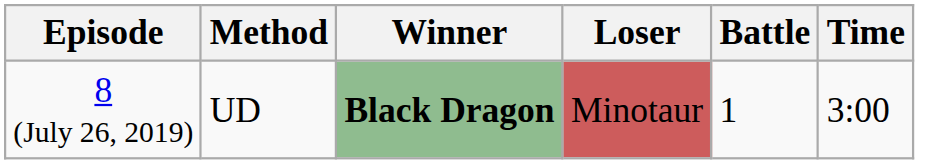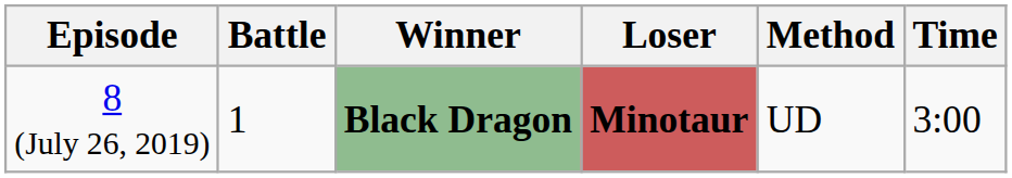 <table class="wikitable">
 <tr>
 <th>Episode</th>
-<th>Method</th>
+<th>Battle</th>
 <th>Winner</th>
 <th>Loser</th>
-<th>Battle</th>
+<th>Method</th>
 <th>Time</th>
 </tr>
 <tr>
 <td style="text-align:center;" rowspan="1"><a href='#'>8</a><br><small>(July 26, 2019)</small></td>
+<td> 1</td>
+<td style="background:DarkSeaGreen;"><strong>Black Dragon</strong></td>
+<td style="background:IndianRed;"><strong>Minotaur</strong></td>
 <td>UD</td>
-<td style="background:DarkSeaGreen;"><strong>Black Dragon</strong></td>
-<td style="background:IndianRed;">Minotaur</td>
-<td> 1</td>
 <td>3:00</td>
 </tr>
 </table>
